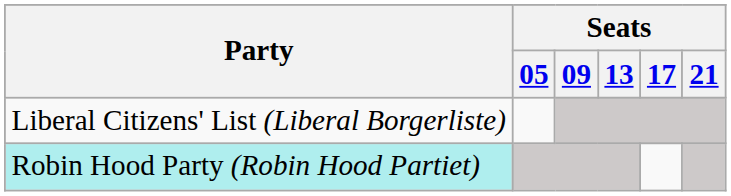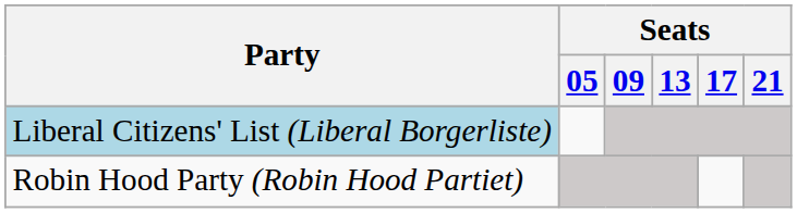 <table class="wikitable">
 <tr>
 <th rowspan=2>Party</th>
 <th colspan=11>Seats</th>
 </tr>
 <tr>
 <th><a href='#'>05</a></th>
 <th><a href='#'>09</a></th>
 <th><a href='#'>13</a></th>
 <th><a href='#'>17</a></th>
 <th><a href='#'>21</a></th>
 </tr>
 <tr>
-<td>Liberal Citizens' List <em>(Liberal Borgerliste)</em></td>
+<td style="background: lightblue;">Liberal Citizens' List <em>(Liberal Borgerliste)</em></td>
 <td></td>
 <td style="background:#CDC9C9;" colspan=4></td>
 </tr>
 <tr>
-<td style="background: paleturquoise;">Robin Hood Party <em>(Robin Hood Partiet)</em></td>
+<td>Robin Hood Party <em>(Robin Hood Partiet)</em></td>
 <td style="background:#CDC9C9;" colspan=3></td>
 <td></td>
 <td style="background:#CDC9C9;"></td>
 </tr>
 </table>
